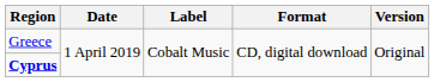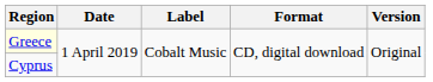 <table class="sortable wikitable">
 <tr>
 <th>Region</th>
 <th>Date</th>
 <th>Label</th>
 <th>Format</th>
 <th>Version</th>
 </tr>
 <tr>
-<td><a href='#'>Greece</a></td>
+<td style="background: lightyellow;"><a href='#'>Greece</a></td>
 <td rowspan="2">1 April 2019</td>
 <td rowspan="4">Cobalt Music</td>
 <td rowspan="4">CD, digital download</td>
 <td rowspan="2">Original</td>
 </tr>
 <tr>
-<td><strong><a href='#'>Cyprus</a></strong></td>
+<td><a href='#'>Cyprus</a></td>
 </tr>
 </table>
